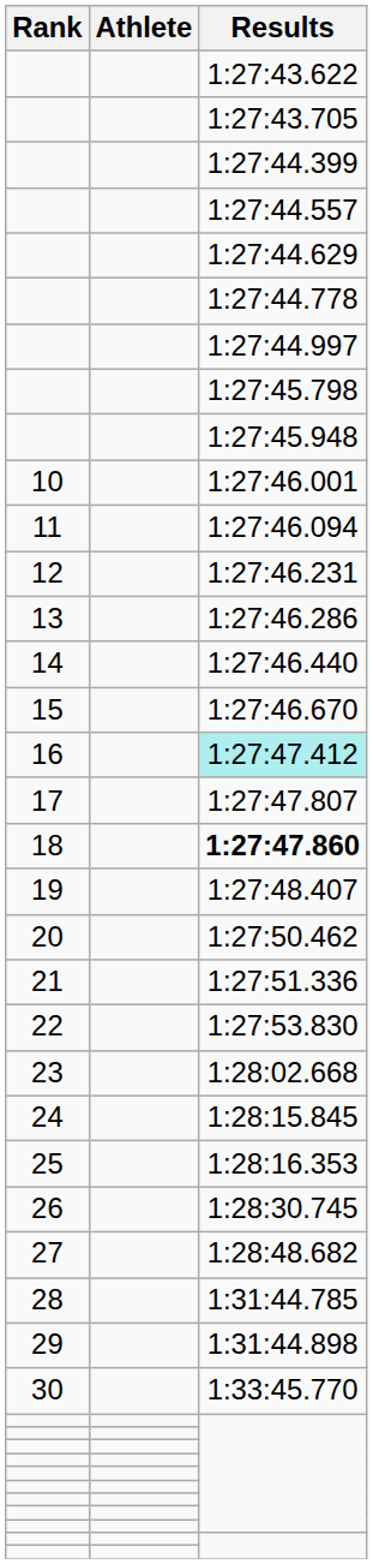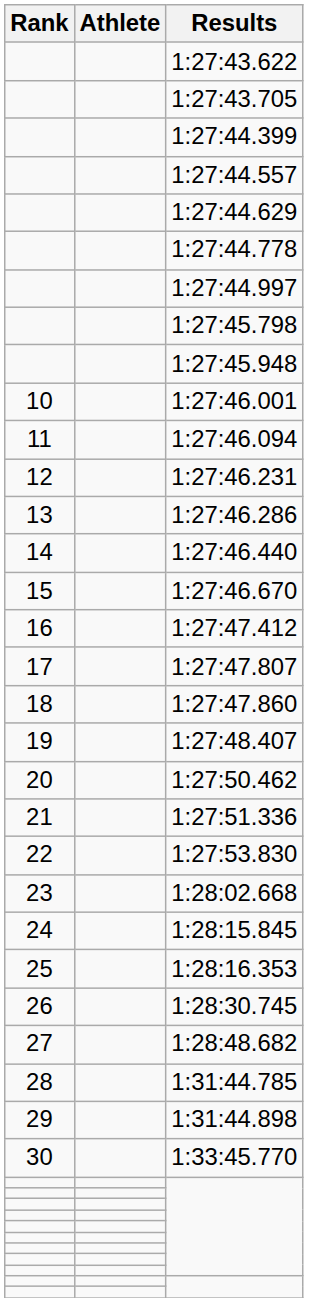 <table class="wikitable sortable" style="text-align:center">
 <tr>
 <th>Rank</th>
 <th>Athlete</th>
 <th>Results</th>
 </tr>
 <tr>
 <td></td>
 <td align="left"></td>
 <td>1:27:43.622</td>
 </tr>
 <tr>
 <td></td>
 <td align="left"></td>
 <td>1:27:43.705</td>
 </tr>
 <tr>
 <td></td>
 <td align="left"></td>
 <td>1:27:44.399</td>
 </tr>
 <tr>
 <td></td>
 <td align="left"></td>
 <td>1:27:44.557</td>
 </tr>
 <tr>
 <td></td>
 <td align="left"></td>
 <td>1:27:44.629</td>
 </tr>
 <tr>
 <td></td>
 <td align="left"></td>
 <td>1:27:44.778</td>
 </tr>
 <tr>
 <td></td>
 <td align="left"></td>
 <td>1:27:44.997</td>
 </tr>
 <tr>
 <td></td>
 <td align="left"></td>
 <td>1:27:45.798</td>
 </tr>
 <tr>
 <td></td>
 <td align="left"></td>
 <td>1:27:45.948</td>
 </tr>
 <tr>
 <td>10</td>
 <td align="left"></td>
 <td>1:27:46.001</td>
 </tr>
 <tr>
 <td>11</td>
 <td align="left"></td>
 <td>1:27:46.094</td>
 </tr>
 <tr>
 <td>12</td>
 <td align="left"></td>
 <td>1:27:46.231</td>
 </tr>
 <tr>
 <td>13</td>
 <td align="left"></td>
 <td>1:27:46.286</td>
 </tr>
 <tr>
 <td>14</td>
 <td align="left"></td>
 <td>1:27:46.440</td>
 </tr>
 <tr>
 <td>15</td>
 <td align="left"></td>
 <td>1:27:46.670</td>
 </tr>
 <tr>
 <td>16</td>
 <td align="left"></td>
-<td style="background: paleturquoise;">1:27:47.412</td>
+<td>1:27:47.412</td>
 </tr>
 <tr>
 <td>17</td>
 <td align="left"></td>
 <td>1:27:47.807</td>
 </tr>
 <tr>
 <td>18</td>
 <td align="left"></td>
-<td><strong>1:27:47.860</strong></td>
+<td>1:27:47.860</td>
 </tr>
 <tr>
 <td>19</td>
 <td align="left"></td>
 <td>1:27:48.407</td>
 </tr>
 <tr>
 <td>20</td>
 <td align="left"></td>
 <td>1:27:50.462</td>
 </tr>
 <tr>
 <td>21</td>
 <td align="left"></td>
 <td>1:27:51.336</td>
 </tr>
 <tr>
 <td>22</td>
 <td align="left"></td>
 <td>1:27:53.830</td>
 </tr>
 <tr>
 <td>23</td>
 <td align="left"></td>
 <td>1:28:02.668</td>
 </tr>
 <tr>
 <td>24</td>
 <td align="left"></td>
 <td>1:28:15.845</td>
 </tr>
 <tr>
 <td>25</td>
 <td align="left"></td>
 <td>1:28:16.353</td>
 </tr>
 <tr>
 <td>26</td>
 <td align="left"></td>
 <td>1:28:30.745</td>
 </tr>
 <tr>
 <td>27</td>
 <td align="left"></td>
 <td>1:28:48.682</td>
 </tr>
 <tr>
 <td>28</td>
 <td align="left"></td>
 <td>1:31:44.785</td>
 </tr>
 <tr>
 <td>29</td>
 <td align="left"></td>
 <td>1:31:44.898</td>
 </tr>
 <tr>
 <td>30</td>
 <td align="left"></td>
 <td>1:33:45.770</td>
 </tr>
 <tr>
 <td></td>
 <td align="left"></td>
 <td rowspan="9"></td>
 </tr>
 <tr>
 <td></td>
 <td align="left"></td>
 </tr>
 <tr>
 <td></td>
 <td align="left"></td>
 </tr>
 <tr>
 <td></td>
 <td align="left"></td>
 </tr>
 <tr>
 <td></td>
 <td align="left"></td>
 </tr>
 <tr>
 <td></td>
 <td align="left"></td>
 </tr>
 <tr>
 <td></td>
 <td align="left"></td>
 </tr>
 <tr>
 <td></td>
 <td align="left"></td>
 </tr>
 <tr>
 <td></td>
 <td align="left"></td>
 </tr>
 <tr>
 <td></td>
 <td align="left"></td>
 <td rowspan="2"></td>
 </tr>
 <tr>
 <td></td>
 <td align="left"></td>
 </tr>
 </table>
